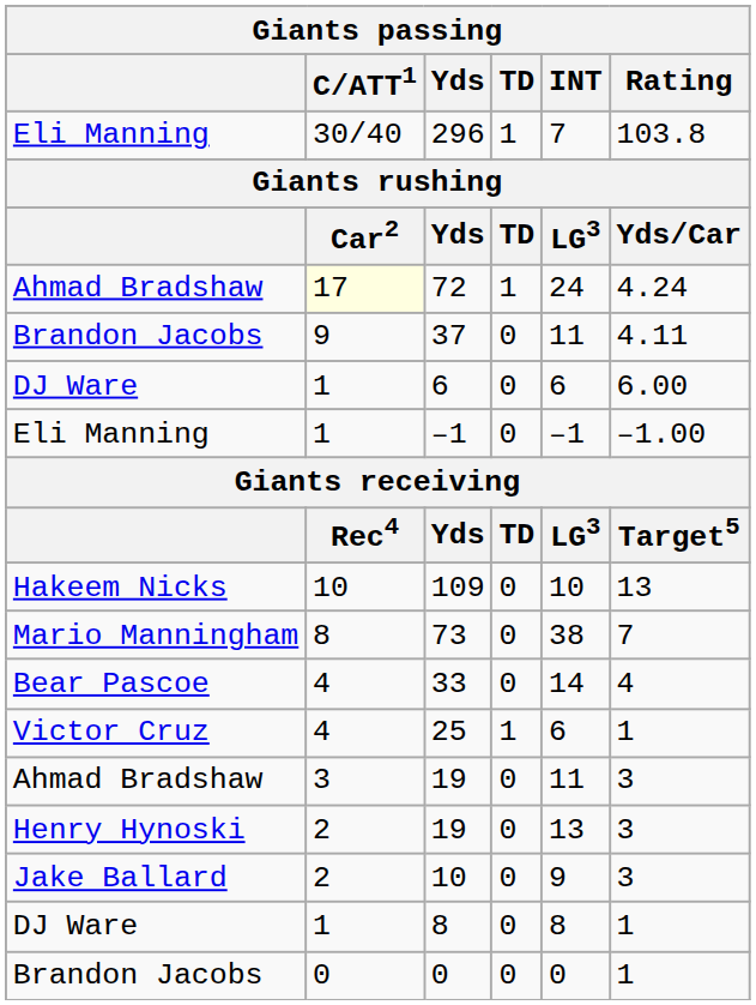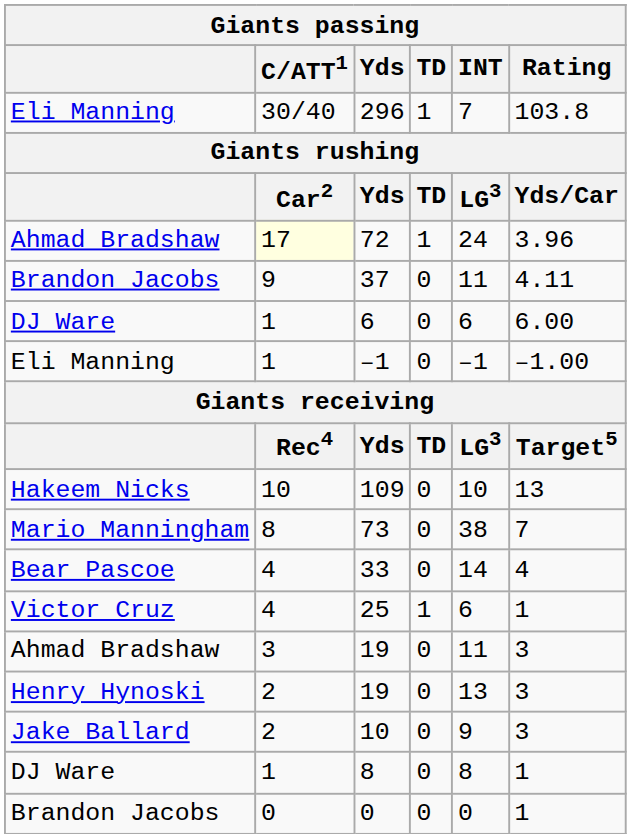 <table class="wikitable">
 <tr>
 <th colspan="6">Giants passing</th>
 </tr>
 <tr>
 <th></th>
 <th>C/ATT<sup>1</sup></th>
 <th>Yds</th>
 <th>TD</th>
 <th>INT</th>
 <th>Rating</th>
 </tr>
 <tr>
 <td><a href='#'>Eli Manning</a></td>
 <td>30/40</td>
 <td>296</td>
 <td>1</td>
 <td>7</td>
 <td>103.8</td>
 </tr>
 <tr>
 <th colspan="6">Giants rushing</th>
 </tr>
 <tr>
 <th></th>
 <th>Car<sup>2</sup></th>
 <th>Yds</th>
 <th>TD</th>
 <th>LG<sup>3</sup></th>
 <th>Yds/Car</th>
 </tr>
 <tr>
 <td><a href='#'>Ahmad Bradshaw</a></td>
 <td style="background: lightyellow;">17</td>
 <td>72</td>
 <td>1</td>
 <td>24</td>
-<td>4.24</td>
+<td>3.96</td>
 </tr>
 <tr>
 <td><a href='#'>Brandon Jacobs</a></td>
 <td>9</td>
 <td>37</td>
 <td>0</td>
 <td>11</td>
 <td>4.11</td>
 </tr>
 <tr>
 <td><a href='#'>DJ Ware</a></td>
 <td>1</td>
 <td>6</td>
 <td>0</td>
 <td>6</td>
 <td>6.00</td>
 </tr>
 <tr>
 <td>Eli Manning</td>
 <td>1</td>
 <td>–1</td>
 <td>0</td>
 <td>–1</td>
 <td>–1.00</td>
 </tr>
 <tr>
 <th colspan="6">Giants receiving</th>
 </tr>
 <tr>
 <th></th>
 <th>Rec<sup>4</sup></th>
 <th>Yds</th>
 <th>TD</th>
 <th>LG<sup>3</sup></th>
 <th>Target<sup>5</sup></th>
 </tr>
 <tr>
 <td><a href='#'>Hakeem Nicks</a></td>
 <td>10</td>
 <td>109</td>
 <td>0</td>
 <td>10</td>
 <td>13</td>
 </tr>
 <tr>
 <td><a href='#'>Mario Manningham</a></td>
 <td>8</td>
 <td>73</td>
 <td>0</td>
 <td>38</td>
 <td>7</td>
 </tr>
 <tr>
 <td><a href='#'>Bear Pascoe</a></td>
 <td>4</td>
 <td>33</td>
 <td>0</td>
 <td>14</td>
 <td>4</td>
 </tr>
 <tr>
 <td><a href='#'>Victor Cruz</a></td>
 <td>4</td>
 <td>25</td>
 <td>1</td>
 <td>6</td>
 <td>1</td>
 </tr>
 <tr>
 <td>Ahmad Bradshaw</td>
 <td>3</td>
 <td>19</td>
 <td>0</td>
 <td>11</td>
 <td>3</td>
 </tr>
 <tr>
 <td><a href='#'>Henry Hynoski</a></td>
 <td>2</td>
 <td>19</td>
 <td>0</td>
 <td>13</td>
 <td>3</td>
 </tr>
 <tr>
 <td><a href='#'>Jake Ballard</a></td>
 <td>2</td>
 <td>10</td>
 <td>0</td>
 <td>9</td>
 <td>3</td>
 </tr>
 <tr>
 <td>DJ Ware</td>
 <td>1</td>
 <td>8</td>
 <td>0</td>
 <td>8</td>
 <td>1</td>
 </tr>
 <tr>
 <td>Brandon Jacobs</td>
 <td>0</td>
 <td>0</td>
 <td>0</td>
 <td>0</td>
 <td>1</td>
 </tr>
 </table>
